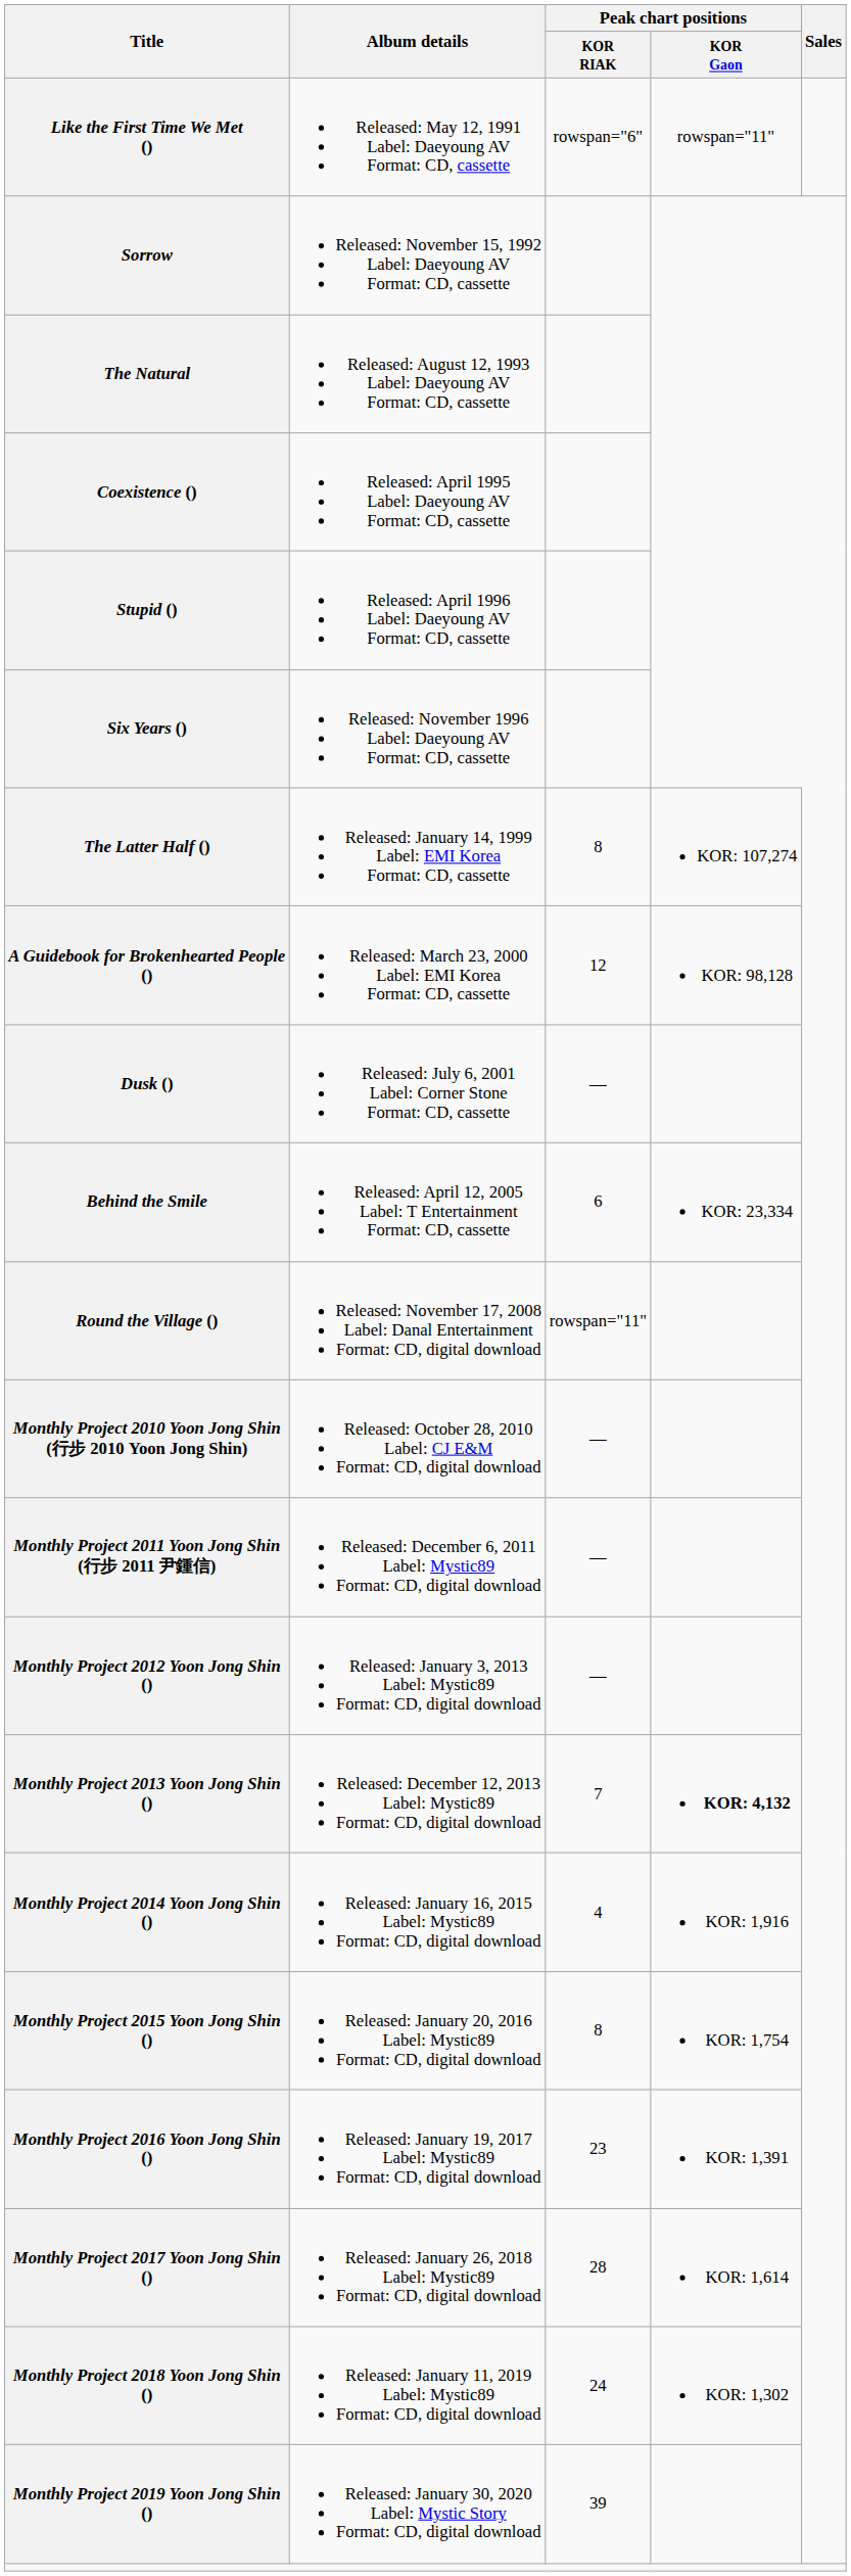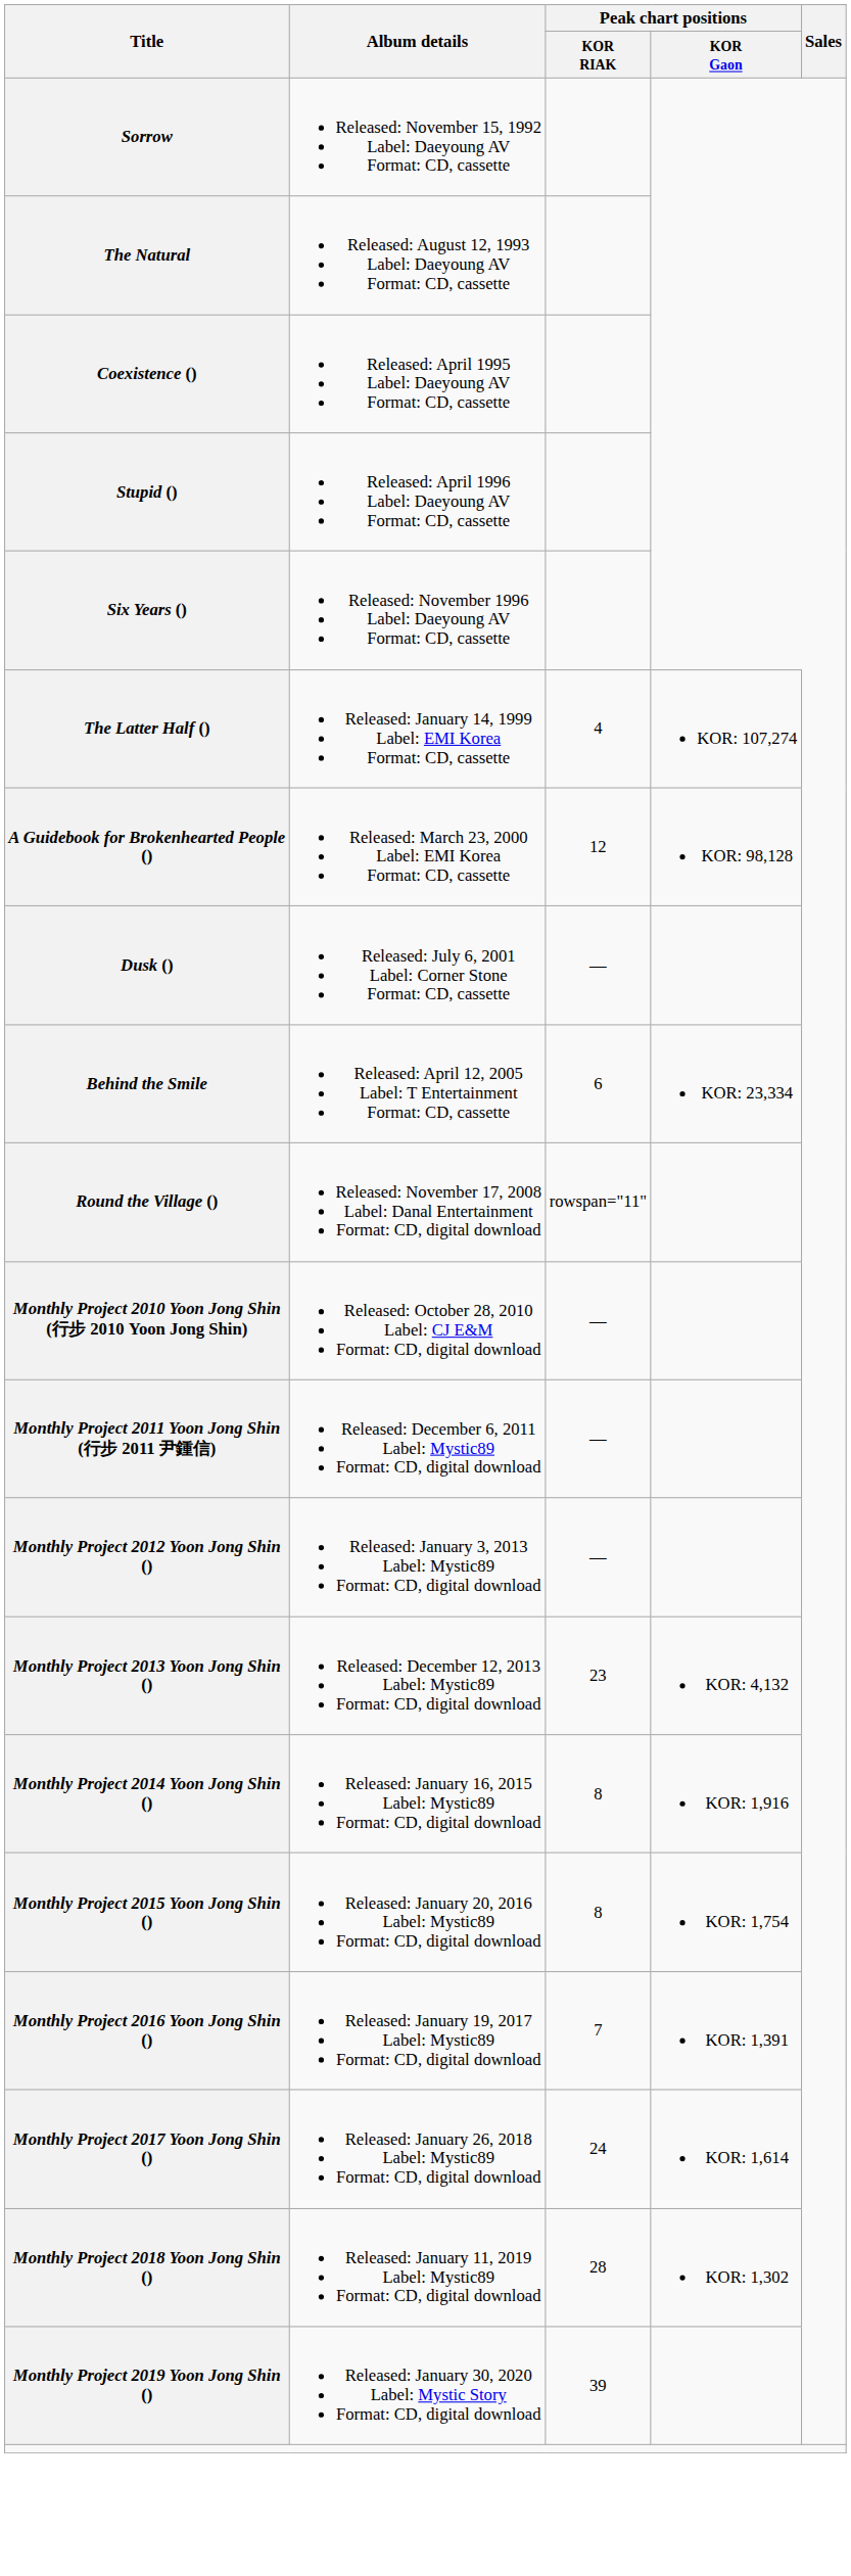 <table class="wikitable plainrowheaders" style="text-align:center;">
 <tr>
 <th scope="col" rowspan="2">Title</th>
 <th scope="col" rowspan="2">Album details</th>
 <th colspan="2" scope="col" style="width:5em;">Peak chart positions</th>
 <th scope="col" rowspan="2">Sales</th>
 </tr>
 <tr>
 <th><small>KOR<br>RIAK</small><br></th>
 <th><small>KOR<br><a href='#'>Gaon</a></small><br></th>
-</tr>
-<tr>
-<th scope="row"><em>Like the First Time We Met</em><br>()</th>
-<td><br><ul><li>Released: May 12, 1991</li><li>Label: Daeyoung AV</li><li>Format: CD, <a href='#'>cassette</a></li></ul></td>
-<td>rowspan="6" </td>
-<td>rowspan="11" </td>
-<td></td>
 </tr>
 <tr>
 <th scope="row"><em>Sorrow</em></th>
 <td><br><ul><li>Released: November 15, 1992</li><li>Label: Daeyoung AV</li><li>Format: CD, cassette</li></ul></td>
 <td></td>
 </tr>
 <tr>
 <th scope="row"><em>The Natural</em></th>
 <td><br><ul><li>Released: August 12, 1993</li><li>Label: Daeyoung AV</li><li>Format: CD, cassette</li></ul></td>
 <td></td>
 </tr>
 <tr>
 <th scope="row"><em>Coexistence</em> ()</th>
 <td><br><ul><li>Released: April 1995</li><li>Label: Daeyoung AV</li><li>Format: CD, cassette</li></ul></td>
 <td></td>
 </tr>
 <tr>
 <th scope="row"><em>Stupid</em> ()</th>
 <td><br><ul><li>Released: April 1996</li><li>Label: Daeyoung AV</li><li>Format: CD, cassette</li></ul></td>
 <td></td>
 </tr>
 <tr>
 <th scope="row"><em>Six Years</em> ()</th>
 <td><br><ul><li>Released: November 1996</li><li>Label: Daeyoung AV</li><li>Format: CD, cassette</li></ul></td>
 <td></td>
 </tr>
 <tr>
 <th scope="row"><em>The Latter Half</em> ()</th>
 <td><br><ul><li>Released: January 14, 1999</li><li>Label: <a href='#'>EMI Korea</a></li><li>Format: CD, cassette</li></ul></td>
-<td>8</td>
+<td>4</td>
 <td><br><ul><li>KOR: 107,274</li></ul></td>
 </tr>
 <tr>
 <th scope="row"><em>A Guidebook for Brokenhearted People</em><br>()</th>
 <td><br><ul><li>Released: March 23, 2000</li><li>Label: EMI Korea</li><li>Format: CD, cassette</li></ul></td>
 <td>12</td>
 <td><br><ul><li>KOR: 98,128</li></ul></td>
 </tr>
 <tr>
 <th scope="row"><em>Dusk</em> ()</th>
 <td><br><ul><li>Released: July 6, 2001</li><li>Label: Corner Stone</li><li>Format: CD, cassette</li></ul></td>
 <td>—</td>
 <td></td>
 </tr>
 <tr>
 <th scope="row"><em>Behind the Smile</em></th>
 <td><br><ul><li>Released: April 12, 2005</li><li>Label: T Entertainment</li><li>Format: CD, cassette</li></ul></td>
 <td>6</td>
 <td><br><ul><li>KOR: 23,334</li></ul></td>
 </tr>
 <tr>
 <th scope="row"><em>Round the Village</em> ()</th>
 <td><br><ul><li>Released: November 17, 2008</li><li>Label: Danal Entertainment</li><li>Format: CD, digital download</li></ul></td>
 <td>rowspan="11" </td>
 <td></td>
 </tr>
 <tr>
 <th scope="row"><em>Monthly Project 2010 Yoon Jong Shin</em><br>(行步 2010 Yoon Jong Shin)</th>
 <td><br><ul><li>Released: October 28, 2010</li><li>Label: <a href='#'>CJ E&M</a></li><li>Format: CD, digital download</li></ul></td>
 <td>—</td>
 <td></td>
 </tr>
 <tr>
 <th scope="row"><em>Monthly Project 2011 Yoon Jong Shin</em><br>(行步 2011 尹鍾信)</th>
 <td><br><ul><li>Released: December 6, 2011</li><li>Label: <a href='#'>Mystic89</a></li><li>Format: CD, digital download</li></ul></td>
 <td>—</td>
 <td></td>
 </tr>
 <tr>
 <th scope="row"><em>Monthly Project 2012 Yoon Jong Shin</em><br>()</th>
 <td><br><ul><li>Released: January 3, 2013</li><li>Label: Mystic89</li><li>Format: CD, digital download</li></ul></td>
 <td>—</td>
 <td></td>
 </tr>
 <tr>
 <th scope="row"><em>Monthly Project 2013 Yoon Jong Shin</em><br>()</th>
 <td><br><ul><li>Released: December 12, 2013</li><li>Label: Mystic89</li><li>Format: CD, digital download</li></ul></td>
-<td>7</td>
-<td><strong><br><ul><li>KOR: 4,132</li></ul></strong></td>
+<td>23</td>
+<td><br><ul><li>KOR: 4,132</li></ul></td>
 </tr>
 <tr>
 <th scope="row"><em>Monthly Project 2014 Yoon Jong Shin</em><br>()</th>
 <td><br><ul><li>Released: January 16, 2015</li><li>Label: Mystic89</li><li>Format: CD, digital download</li></ul></td>
-<td>4</td>
+<td>8</td>
 <td><br><ul><li>KOR: 1,916</li></ul></td>
 </tr>
 <tr>
 <th scope="row"><em>Monthly Project 2015 Yoon Jong Shin</em><br>()</th>
 <td><br><ul><li>Released: January 20, 2016</li><li>Label: Mystic89</li><li>Format: CD, digital download</li></ul></td>
 <td>8</td>
 <td><br><ul><li>KOR: 1,754</li></ul></td>
 </tr>
 <tr>
 <th scope="row"><em>Monthly Project 2016 Yoon Jong Shin</em><br>()</th>
 <td><br><ul><li>Released: January 19, 2017</li><li>Label: Mystic89</li><li>Format: CD, digital download</li></ul></td>
-<td>23</td>
+<td>7</td>
 <td><br><ul><li>KOR: 1,391</li></ul></td>
 </tr>
 <tr>
 <th scope="row"><em>Monthly Project 2017 Yoon Jong Shin</em><br>()</th>
 <td><br><ul><li>Released: January 26, 2018</li><li>Label: Mystic89</li><li>Format: CD, digital download</li></ul></td>
-<td>28</td>
+<td>24</td>
 <td><br><ul><li>KOR: 1,614</li></ul></td>
 </tr>
 <tr>
 <th scope="row"><em>Monthly Project 2018 Yoon Jong Shin</em><br>()</th>
 <td><br><ul><li>Released: January 11, 2019</li><li>Label: Mystic89</li><li>Format: CD, digital download</li></ul></td>
-<td>24</td>
+<td>28</td>
 <td><br><ul><li>KOR: 1,302</li></ul></td>
 </tr>
 <tr>
 <th scope="row"><em>Monthly Project 2019 Yoon Jong Shin</em><br>()</th>
 <td><br><ul><li>Released: January 30, 2020</li><li>Label: <a href='#'>Mystic Story</a></li><li>Format: CD, digital download</li></ul></td>
 <td>39</td>
 <td></td>
 </tr>
 <tr>
 <td colspan="5"></td>
 </tr>
 </table>
